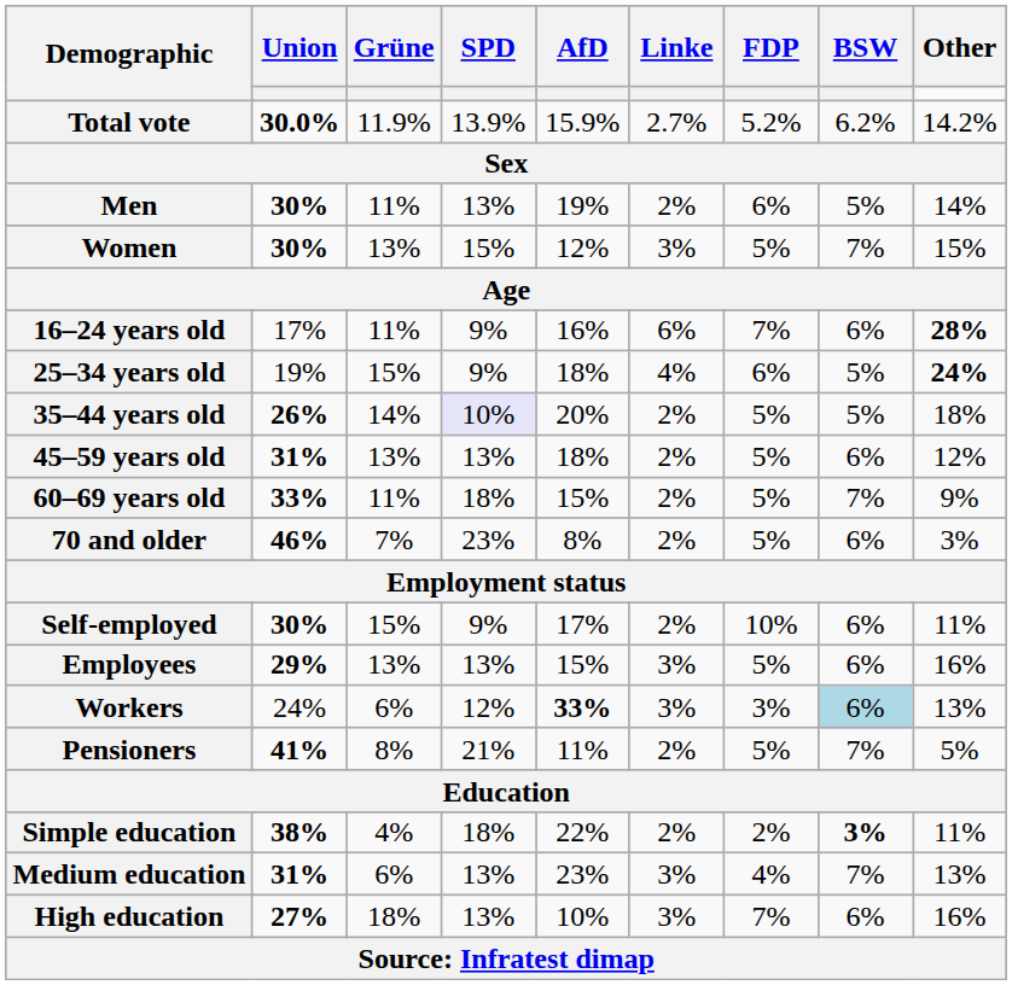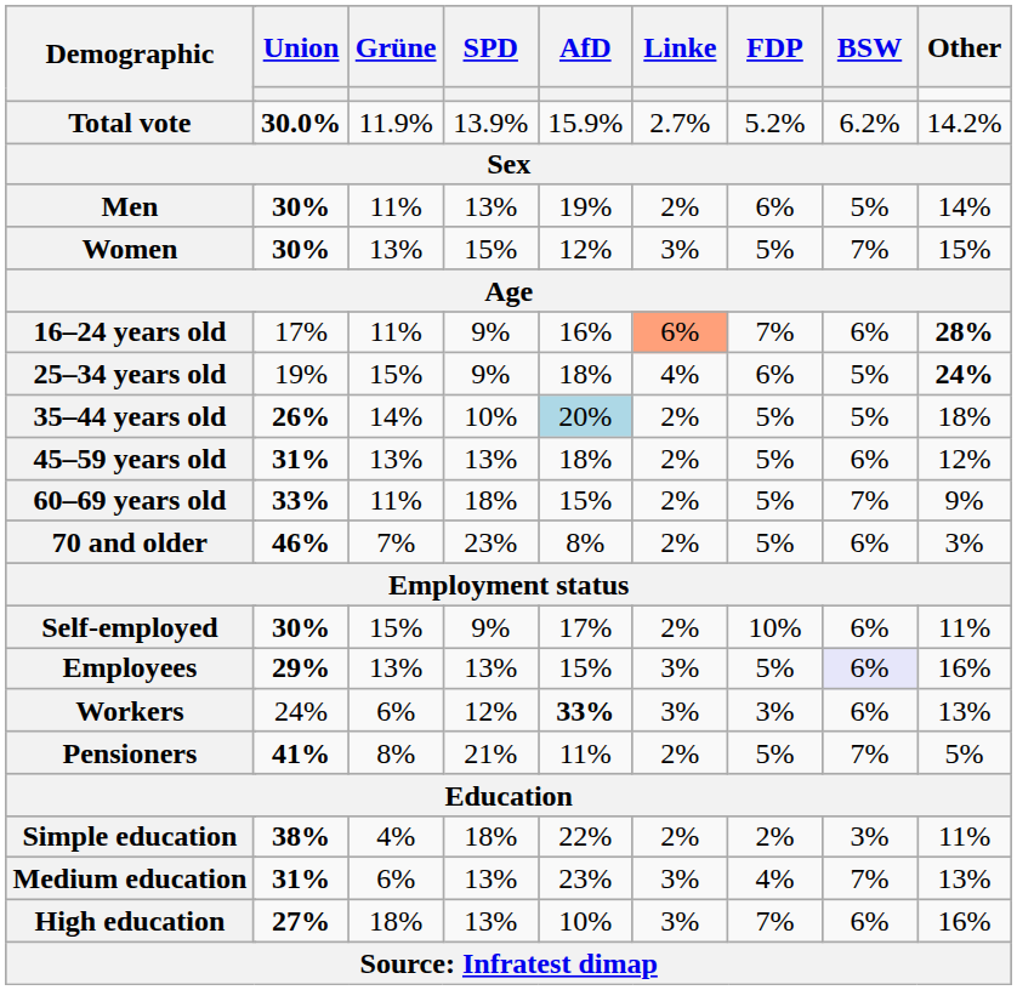 <table class="wikitable sortable" style="text-align:center; font-size:90%; line-height:14px">
 <tr style="height:40px;">
 <th rowspan="2" colspan="2">Demographic</th>
 <th class="unsortable" style="width:40px;"><a href='#'>Union</a><br></th>
 <th class="unsortable" style="width:40px;"><a href='#'>Grüne</a><br></th>
 <th class="unsortable" style="width:40px;"><a href='#'>SPD</a><br></th>
 <th class="unsortable" style="width:40px;"><a href='#'>AfD</a><br></th>
 <th class="unsortable" style="width:40px;"><a href='#'>Linke</a><br></th>
 <th class="unsortable" style="width:40px;"><a href='#'>FDP</a><br></th>
 <th class="unsortable" style="width:40px;"><a href='#'>BSW</a><br></th>
 <th class="unsortable" style="width:40px;">Other</th>
 </tr>
 <tr>
 <th data-sort-type="number" style="background:"></th>
 <th data-sort-type="number" style="background:"></th>
 <th data-sort-type="number" style="background:"></th>
 <th data-sort-type="number" style="background:"></th>
 <th data-sort-type="number" style="background:"></th>
 <th data-sort-type="number" style="background:"></th>
 <th data-sort-type="number" style="background:"></th>
 </tr>
 <tr>
 <th colspan="2">Total vote</th>
 <td style="background-color:#"><strong>30.0%</strong></td>
 <td>11.9%</td>
 <td>13.9%</td>
 <td>15.9%</td>
 <td>2.7%</td>
 <td>5.2%</td>
 <td>6.2%</td>
 <td>14.2%</td>
 </tr>
 <tr>
 <th colspan="13">Sex</th>
 </tr>
 <tr>
 <th colspan="2">Men</th>
 <td style="background-color:#"><strong>30%</strong></td>
 <td>11%</td>
 <td>13%</td>
 <td>19%</td>
 <td>2%</td>
 <td>6%</td>
 <td>5%</td>
 <td>14%</td>
 </tr>
 <tr>
 <th colspan="2">Women</th>
 <td style="background-color:#"><strong>30%</strong></td>
 <td>13%</td>
 <td>15%</td>
 <td>12%</td>
 <td>3%</td>
 <td>5%</td>
 <td>7%</td>
 <td>15%</td>
 </tr>
 <tr>
 <th colspan="13">Age</th>
 </tr>
 <tr>
 <th colspan="2">16–24 years old</th>
 <td>17%</td>
 <td>11%</td>
 <td>9%</td>
 <td>16%</td>
-<td>6%</td>
+<td style="background: lightsalmon;">6%</td>
 <td>7%</td>
 <td>6%</td>
 <td style="background-color:#"><strong>28%</strong></td>
 </tr>
 <tr>
 <th colspan="2">25–34 years old</th>
 <td>19%</td>
 <td>15%</td>
 <td>9%</td>
 <td>18%</td>
 <td>4%</td>
 <td>6%</td>
 <td>5%</td>
 <td style="background-color:#"><strong>24%</strong></td>
 </tr>
 <tr>
 <th colspan="2">35–44 years old</th>
 <td style="background-color:#"><strong>26%</strong></td>
 <td>14%</td>
-<td style="background: lavender;">10%</td>
-<td>20%</td>
+<td>10%</td>
+<td style="background: lightblue;">20%</td>
 <td>2%</td>
 <td>5%</td>
 <td>5%</td>
 <td>18%</td>
 </tr>
 <tr>
 <th colspan="2">45–59 years old</th>
 <td style="background-color:#"><strong>31%</strong></td>
 <td>13%</td>
 <td>13%</td>
 <td>18%</td>
 <td>2%</td>
 <td>5%</td>
 <td>6%</td>
 <td>12%</td>
 </tr>
 <tr>
 <th colspan="2">60–69 years old</th>
 <td style="background-color:#"><strong>33%</strong></td>
 <td>11%</td>
 <td>18%</td>
 <td>15%</td>
 <td>2%</td>
 <td>5%</td>
 <td>7%</td>
 <td>9%</td>
 </tr>
 <tr>
 <th colspan="2">70 and older</th>
 <td style="background-color:#"><strong>46%</strong></td>
 <td>7%</td>
 <td>23%</td>
 <td>8%</td>
 <td>2%</td>
 <td>5%</td>
 <td>6%</td>
 <td>3%</td>
 </tr>
 <tr>
 <th colspan="13">Employment status</th>
 </tr>
 <tr>
 <th colspan="2">Self-employed</th>
 <td style="background-color:#"><strong>30%</strong></td>
 <td>15%</td>
 <td>9%</td>
 <td>17%</td>
 <td>2%</td>
 <td>10%</td>
 <td>6%</td>
 <td>11%</td>
 </tr>
 <tr>
 <th colspan="2">Employees</th>
 <td style="background-color:#"><strong>29%</strong></td>
 <td>13%</td>
 <td>13%</td>
 <td>15%</td>
 <td>3%</td>
 <td>5%</td>
-<td>6%</td>
+<td style="background: lavender;">6%</td>
 <td>16%</td>
 </tr>
 <tr>
 <th colspan="2">Workers</th>
 <td>24%</td>
 <td>6%</td>
 <td>12%</td>
 <td style="background-color:#"><strong>33%</strong></td>
 <td>3%</td>
 <td>3%</td>
-<td style="background: lightblue;">6%</td>
+<td>6%</td>
 <td>13%</td>
 </tr>
 <tr>
 <th colspan="2">Pensioners</th>
 <td style="background-color:#"><strong>41%</strong></td>
 <td>8%</td>
 <td>21%</td>
 <td>11%</td>
 <td>2%</td>
 <td>5%</td>
 <td>7%</td>
 <td>5%</td>
 </tr>
 <tr>
 <th colspan="13">Education</th>
 </tr>
 <tr>
 <th colspan="2">Simple education</th>
 <td style="background-color:#"><strong>38%</strong></td>
 <td>4%</td>
 <td>18%</td>
 <td>22%</td>
 <td>2%</td>
 <td>2%</td>
-<td><strong>3%</strong></td>
+<td>3%</td>
 <td>11%</td>
 </tr>
 <tr>
 <th colspan="2">Medium education</th>
 <td style="background-color:#"><strong>31%</strong></td>
 <td>6%</td>
 <td>13%</td>
 <td>23%</td>
 <td>3%</td>
 <td>4%</td>
 <td>7%</td>
 <td>13%</td>
 </tr>
 <tr>
 <th colspan="2">High education</th>
 <td style="background-color:#"><strong>27%</strong></td>
 <td>18%</td>
 <td>13%</td>
 <td>10%</td>
 <td>3%</td>
 <td>7%</td>
 <td>6%</td>
 <td>16%</td>
 </tr>
 <tr>
 <th colspan="13">Source: <a href='#'>Infratest dimap</a></th>
 </tr>
 </table>
